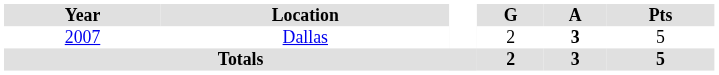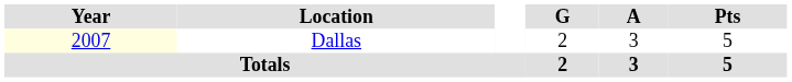 <table border="0" cellpadding="1" cellspacing="0" style="text-align:center; width:40em;">
 <tr bgcolor="#e0e0e0">
 <th>Year</th>
 <th>Location</th>
 <th rowspan="99" bgcolor="#ffffff"> </th>
 <th>G</th>
 <th>A</th>
 <th>Pts</th>
 </tr>
 <tr>
-<td><a href='#'>2007</a></td>
+<td style="background: lightyellow;"><a href='#'>2007</a></td>
 <td><a href='#'>Dallas</a></td>
 <td>2</td>
-<td><strong>3</strong></td>
+<td>3</td>
 <td>5</td>
 </tr>
 <tr bgcolor="#e0e0e0">
 <th colspan="3">Totals</th>
 <th>2</th>
 <th>3</th>
 <th>5</th>
 </tr>
 </table>
